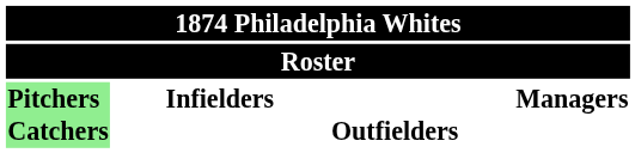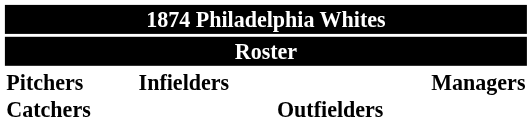 <table class="toccolours" style="font-size: 95%;">
 <tr>
 <th colspan="10" style="background-color: black; color:white; text-align: center;">1874 Philadelphia Whites</th>
 </tr>
 <tr>
 <td colspan="10" style="background-color:black; color: white; text-align: center;"><strong>Roster</strong></td>
 </tr>
 <tr>
-<td valign="top" style="background: lightgreen;"><strong>Pitchers</strong><br> <strong>Catchers</strong> </td>
+<td valign="top"><strong>Pitchers</strong><br> <strong>Catchers</strong> </td>
 <td width="25px"></td>
 <td valign="top"><strong>Infielders</strong><br>     </td>
 <td width="25px"></td>
 <td valign="top"><br><strong>Outfielders</strong>      </td>
 <td width="25px"></td>
 <td valign="top"><strong>Managers</strong><br></td>
 </tr>
 </table>
